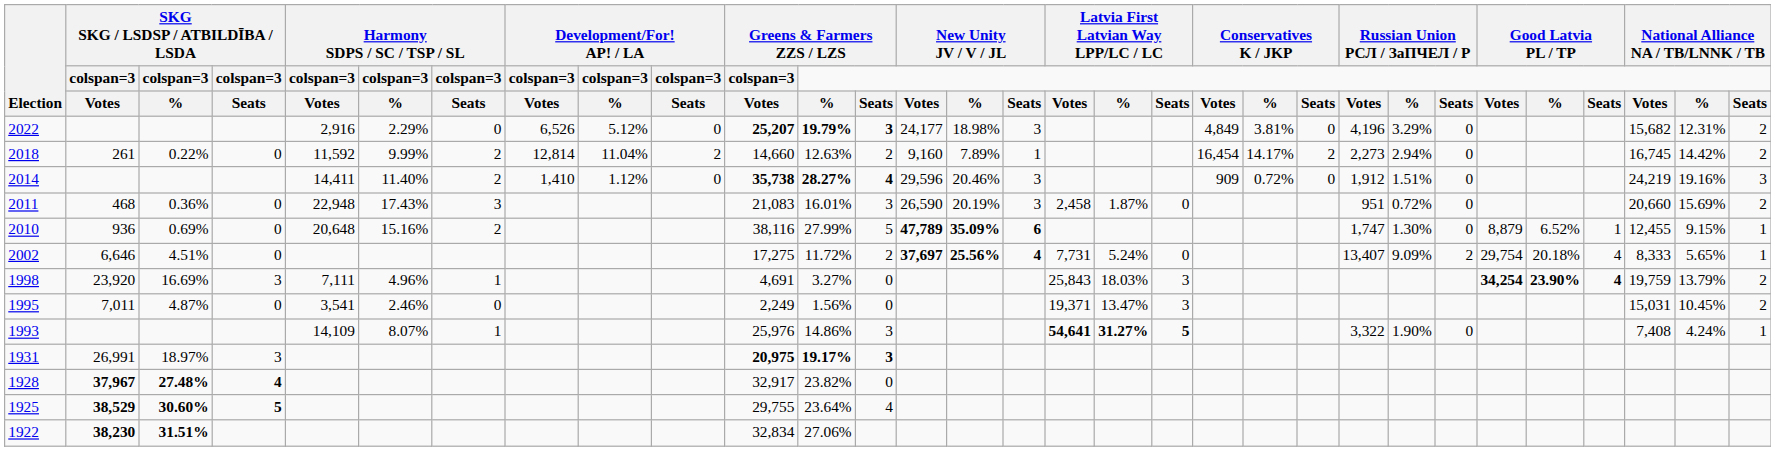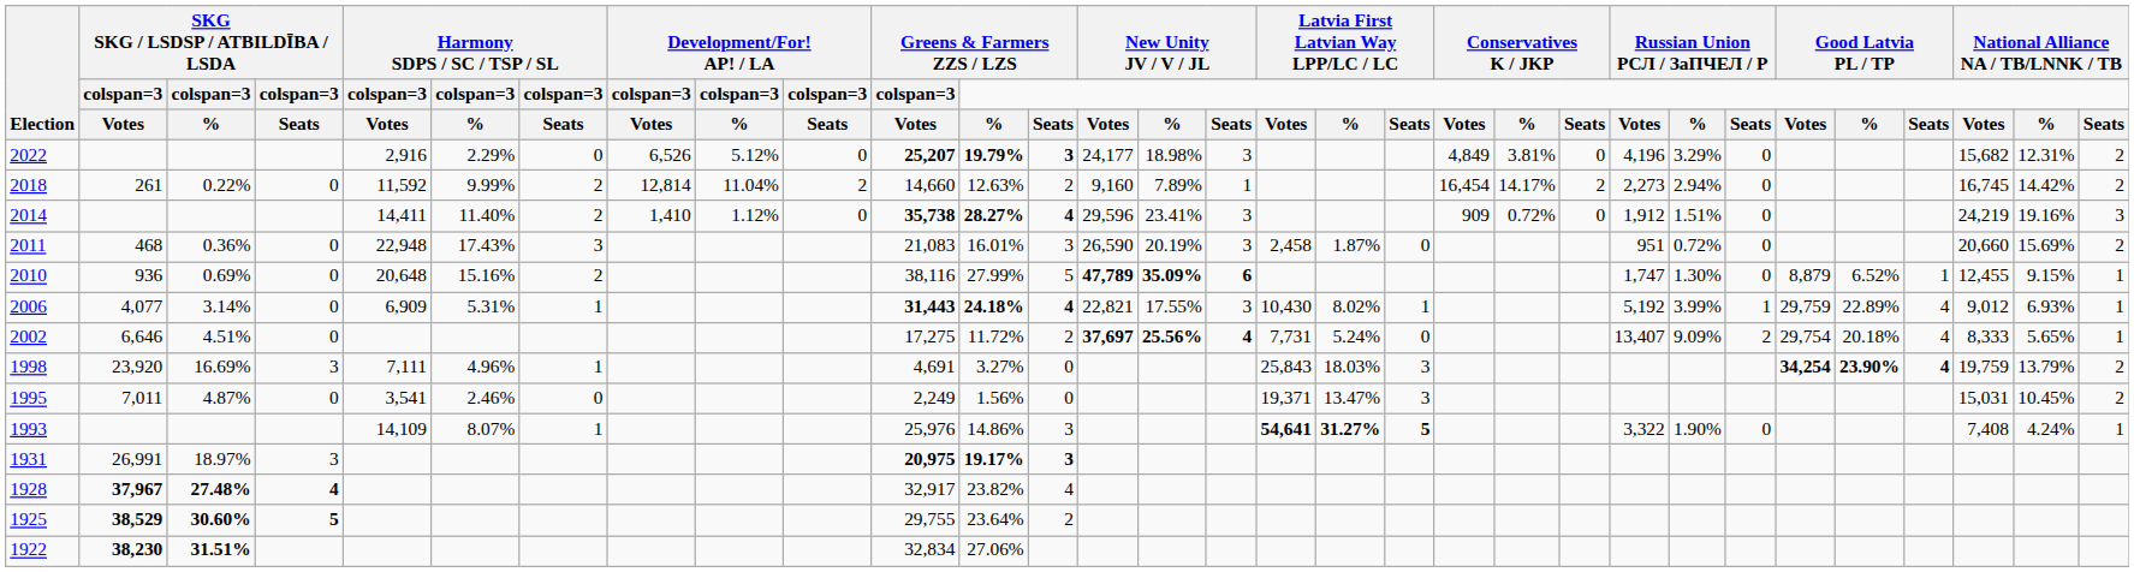 <table class="wikitable" border="1" style="font-size:80%; text-align:right;">
 <tr>
 <th style="text-align:left;" valign=bottom rowspan=3>Election</th>
 <th valign=bottom colspan=3><a href='#'>SKG</a><br>SKG / LSDSP / ATBILDĪBA / LSDA</th>
 <th valign=bottom colspan=3><a href='#'>Harmony</a><br>SDPS / SC / TSP / SL</th>
 <th valign=bottom colspan=3><a href='#'>Development/For!</a><br>AP! / LA</th>
 <th valign=bottom colspan=3><a href='#'>Greens & Farmers</a><br>ZZS / LZS</th>
 <th valign=bottom colspan=3><a href='#'>New Unity</a><br>JV / V / JL</th>
 <th valign=bottom colspan=3><a href='#'>Latvia First<br>Latvian Way</a><br>LPP/LC / LC</th>
 <th valign=bottom colspan=3><a href='#'>Conservatives</a><br>K / JKP</th>
 <th valign=bottom colspan=3><a href='#'>Russian Union</a><br>РСЛ / ЗаПЧЕЛ / P</th>
 <th valign=bottom colspan=3><a href='#'>Good Latvia</a><br>PL / TP</th>
 <th valign=bottom colspan=3><a href='#'>National Alliance</a><br>NA / TB/LNNK / TB</th>
 </tr>
 <tr>
 <th>colspan=3 </th>
 <th>colspan=3 </th>
 <th>colspan=3 </th>
 <th>colspan=3 </th>
 <th>colspan=3 </th>
 <th>colspan=3 </th>
 <th>colspan=3 </th>
 <th>colspan=3 </th>
 <th>colspan=3 </th>
 <th>colspan=3 </th>
 </tr>
 <tr>
 <th>Votes</th>
 <th>%</th>
 <th>Seats</th>
 <th>Votes</th>
 <th>%</th>
 <th>Seats</th>
 <th>Votes</th>
 <th>%</th>
 <th>Seats</th>
 <th>Votes</th>
 <th>%</th>
 <th>Seats</th>
 <th>Votes</th>
 <th>%</th>
 <th>Seats</th>
 <th>Votes</th>
 <th>%</th>
 <th>Seats</th>
 <th>Votes</th>
 <th>%</th>
 <th>Seats</th>
 <th>Votes</th>
 <th>%</th>
 <th>Seats</th>
 <th>Votes</th>
 <th>%</th>
 <th>Seats</th>
 <th>Votes</th>
 <th>%</th>
 <th>Seats</th>
 </tr>
 <tr>
 <td align=left><a href='#'>2022</a></td>
 <td></td>
 <td></td>
 <td></td>
 <td>2,916</td>
 <td>2.29%</td>
 <td>0</td>
 <td>6,526</td>
 <td>5.12%</td>
 <td>0</td>
 <td><strong>25,207</strong></td>
 <td><strong>19.79%</strong></td>
 <td><strong>3</strong></td>
 <td>24,177</td>
 <td>18.98%</td>
 <td>3</td>
 <td></td>
 <td></td>
 <td></td>
 <td>4,849</td>
 <td>3.81%</td>
 <td>0</td>
 <td>4,196</td>
 <td>3.29%</td>
 <td>0</td>
 <td></td>
 <td></td>
 <td></td>
 <td>15,682</td>
 <td>12.31%</td>
 <td>2</td>
 </tr>
 <tr>
 <td align=left><a href='#'>2018</a></td>
 <td>261</td>
 <td>0.22%</td>
 <td>0</td>
 <td>11,592</td>
 <td>9.99%</td>
 <td>2</td>
 <td>12,814</td>
 <td>11.04%</td>
 <td>2</td>
 <td>14,660</td>
 <td>12.63%</td>
 <td>2</td>
 <td>9,160</td>
 <td>7.89%</td>
 <td>1</td>
 <td></td>
 <td></td>
 <td></td>
 <td>16,454</td>
 <td>14.17%</td>
 <td>2</td>
 <td>2,273</td>
 <td>2.94%</td>
 <td>0</td>
 <td></td>
 <td></td>
 <td></td>
 <td>16,745</td>
 <td>14.42%</td>
 <td>2</td>
 </tr>
 <tr>
 <td align=left><a href='#'>2014</a></td>
 <td></td>
 <td></td>
 <td></td>
 <td>14,411</td>
 <td>11.40%</td>
 <td>2</td>
 <td>1,410</td>
 <td>1.12%</td>
 <td>0</td>
 <td><strong>35,738</strong></td>
 <td><strong>28.27%</strong></td>
 <td><strong>4</strong></td>
 <td>29,596</td>
-<td>20.46%</td>
+<td>23.41%</td>
 <td>3</td>
 <td></td>
 <td></td>
 <td></td>
 <td>909</td>
 <td>0.72%</td>
 <td>0</td>
 <td>1,912</td>
 <td>1.51%</td>
 <td>0</td>
 <td></td>
 <td></td>
 <td></td>
 <td>24,219</td>
 <td>19.16%</td>
 <td>3</td>
 </tr>
 <tr>
 <td align=left><a href='#'>2011</a></td>
 <td>468</td>
 <td>0.36%</td>
 <td>0</td>
 <td>22,948</td>
 <td>17.43%</td>
 <td>3</td>
 <td></td>
 <td></td>
 <td></td>
 <td>21,083</td>
 <td>16.01%</td>
 <td>3</td>
 <td>26,590</td>
 <td>20.19%</td>
 <td>3</td>
 <td>2,458</td>
 <td>1.87%</td>
 <td>0</td>
 <td></td>
 <td></td>
 <td></td>
 <td>951</td>
 <td>0.72%</td>
 <td>0</td>
 <td></td>
 <td></td>
 <td></td>
 <td>20,660</td>
 <td>15.69%</td>
 <td>2</td>
 </tr>
 <tr>
 <td align=left><a href='#'>2010</a></td>
 <td>936</td>
 <td>0.69%</td>
 <td>0</td>
 <td>20,648</td>
 <td>15.16%</td>
 <td>2</td>
 <td></td>
 <td></td>
 <td></td>
 <td>38,116</td>
 <td>27.99%</td>
 <td>5</td>
 <td><strong>47,789</strong></td>
 <td><strong>35.09%</strong></td>
 <td><strong>6</strong></td>
 <td></td>
 <td></td>
 <td></td>
 <td></td>
 <td></td>
 <td></td>
 <td>1,747</td>
 <td>1.30%</td>
 <td>0</td>
 <td>8,879</td>
 <td>6.52%</td>
 <td>1</td>
 <td>12,455</td>
 <td>9.15%</td>
+<td>1</td>
+</tr>
+<tr>
+<td align=left><a href='#'>2006</a></td>
+<td>4,077</td>
+<td>3.14%</td>
+<td>0</td>
+<td>6,909</td>
+<td>5.31%</td>
+<td>1</td>
+<td></td>
+<td></td>
+<td></td>
+<td><strong>31,443</strong></td>
+<td><strong>24.18%</strong></td>
+<td><strong>4</strong></td>
+<td>22,821</td>
+<td>17.55%</td>
+<td>3</td>
+<td>10,430</td>
+<td>8.02%</td>
+<td>1</td>
+<td></td>
+<td></td>
+<td></td>
+<td>5,192</td>
+<td>3.99%</td>
+<td>1</td>
+<td>29,759</td>
+<td>22.89%</td>
+<td>4</td>
+<td>9,012</td>
+<td>6.93%</td>
 <td>1</td>
 </tr>
 <tr>
 <td align=left><a href='#'>2002</a></td>
 <td>6,646</td>
 <td>4.51%</td>
 <td>0</td>
 <td></td>
 <td></td>
 <td></td>
 <td></td>
 <td></td>
 <td></td>
 <td>17,275</td>
 <td>11.72%</td>
 <td>2</td>
 <td><strong>37,697</strong></td>
 <td><strong>25.56%</strong></td>
 <td><strong>4</strong></td>
 <td>7,731</td>
 <td>5.24%</td>
 <td>0</td>
 <td></td>
 <td></td>
 <td></td>
 <td>13,407</td>
 <td>9.09%</td>
 <td>2</td>
 <td>29,754</td>
 <td>20.18%</td>
 <td>4</td>
 <td>8,333</td>
 <td>5.65%</td>
 <td>1</td>
 </tr>
 <tr>
 <td align=left><a href='#'>1998</a></td>
 <td>23,920</td>
 <td>16.69%</td>
 <td>3</td>
 <td>7,111</td>
 <td>4.96%</td>
 <td>1</td>
 <td></td>
 <td></td>
 <td></td>
 <td>4,691</td>
 <td>3.27%</td>
 <td>0</td>
 <td></td>
 <td></td>
 <td></td>
 <td>25,843</td>
 <td>18.03%</td>
 <td>3</td>
 <td></td>
 <td></td>
 <td></td>
 <td></td>
 <td></td>
 <td></td>
 <td><strong>34,254</strong></td>
 <td><strong>23.90%</strong></td>
 <td><strong>4</strong></td>
 <td>19,759</td>
 <td>13.79%</td>
 <td>2</td>
 </tr>
 <tr>
 <td align=left><a href='#'>1995</a></td>
 <td>7,011</td>
 <td>4.87%</td>
 <td>0</td>
 <td>3,541</td>
 <td>2.46%</td>
 <td>0</td>
 <td></td>
 <td></td>
 <td></td>
 <td>2,249</td>
 <td>1.56%</td>
 <td>0</td>
 <td></td>
 <td></td>
 <td></td>
 <td>19,371</td>
 <td>13.47%</td>
 <td>3</td>
 <td></td>
 <td></td>
 <td></td>
 <td></td>
 <td></td>
 <td></td>
 <td></td>
 <td></td>
 <td></td>
 <td>15,031</td>
 <td>10.45%</td>
 <td>2</td>
 </tr>
 <tr>
 <td align=left><a href='#'>1993</a></td>
 <td></td>
 <td></td>
 <td></td>
 <td>14,109</td>
 <td>8.07%</td>
 <td>1</td>
 <td></td>
 <td></td>
 <td></td>
 <td>25,976</td>
 <td>14.86%</td>
 <td>3</td>
 <td></td>
 <td></td>
 <td></td>
 <td><strong>54,641</strong></td>
 <td><strong>31.27%</strong></td>
 <td><strong>5</strong></td>
 <td></td>
 <td></td>
 <td></td>
 <td>3,322</td>
 <td>1.90%</td>
 <td>0</td>
 <td></td>
 <td></td>
 <td></td>
 <td>7,408</td>
 <td>4.24%</td>
 <td>1</td>
 </tr>
 <tr>
 <td align=left><a href='#'>1931</a></td>
 <td>26,991</td>
 <td>18.97%</td>
 <td>3</td>
 <td></td>
 <td></td>
 <td></td>
 <td></td>
 <td></td>
 <td></td>
 <td><strong>20,975</strong></td>
 <td><strong>19.17%</strong></td>
 <td><strong>3</strong></td>
 <td></td>
 <td></td>
 <td></td>
 <td></td>
 <td></td>
 <td></td>
 <td></td>
 <td></td>
 <td></td>
 <td></td>
 <td></td>
 <td></td>
 <td></td>
 <td></td>
 <td></td>
 <td></td>
 <td></td>
 <td></td>
 </tr>
 <tr>
 <td align=left><a href='#'>1928</a></td>
 <td><strong>37,967</strong></td>
 <td><strong>27.48%</strong></td>
 <td><strong>4</strong></td>
 <td></td>
 <td></td>
 <td></td>
 <td></td>
 <td></td>
 <td></td>
 <td>32,917</td>
 <td>23.82%</td>
-<td>0</td>
+<td>4</td>
 <td></td>
 <td></td>
 <td></td>
 <td></td>
 <td></td>
 <td></td>
 <td></td>
 <td></td>
 <td></td>
 <td></td>
 <td></td>
 <td></td>
 <td></td>
 <td></td>
 <td></td>
 <td></td>
 <td></td>
 <td></td>
 </tr>
 <tr>
 <td align=left><a href='#'>1925</a></td>
 <td><strong>38,529</strong></td>
 <td><strong>30.60%</strong></td>
 <td><strong>5</strong></td>
 <td></td>
 <td></td>
 <td></td>
 <td></td>
 <td></td>
 <td></td>
 <td>29,755</td>
 <td>23.64%</td>
-<td>4</td>
+<td>2</td>
 <td></td>
 <td></td>
 <td></td>
 <td></td>
 <td></td>
 <td></td>
 <td></td>
 <td></td>
 <td></td>
 <td></td>
 <td></td>
 <td></td>
 <td></td>
 <td></td>
 <td></td>
 <td></td>
 <td></td>
 <td></td>
 </tr>
 <tr>
 <td align=left><a href='#'>1922</a></td>
 <td><strong>38,230</strong></td>
 <td><strong>31.51%</strong></td>
 <td></td>
 <td></td>
 <td></td>
 <td></td>
 <td></td>
 <td></td>
 <td></td>
 <td>32,834</td>
 <td>27.06%</td>
 <td></td>
 <td></td>
 <td></td>
 <td></td>
 <td></td>
 <td></td>
 <td></td>
 <td></td>
 <td></td>
 <td></td>
 <td></td>
 <td></td>
 <td></td>
 <td></td>
 <td></td>
 <td></td>
 <td></td>
 <td></td>
 <td></td>
 </tr>
 </table>
